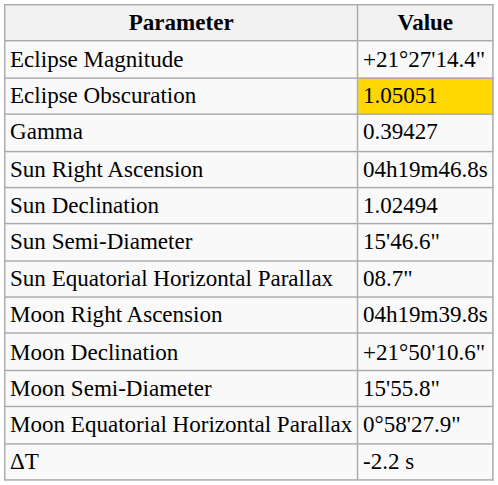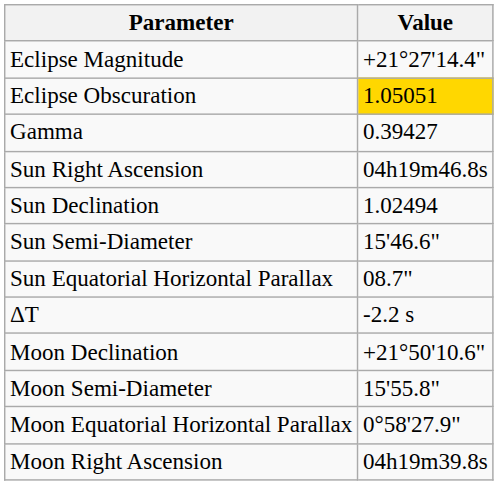 <table class="wikitable">
 <tr>
 <th>Parameter</th>
 <th>Value</th>
 </tr>
 <tr>
 <td>Eclipse Magnitude</td>
 <td>+21°27'14.4"</td>
 </tr>
 <tr>
 <td>Eclipse Obscuration</td>
 <td style="background: gold;">1.05051</td>
 </tr>
 <tr>
 <td>Gamma</td>
 <td>0.39427</td>
 </tr>
 <tr>
 <td>Sun Right Ascension</td>
 <td>04h19m46.8s</td>
 </tr>
 <tr>
 <td>Sun Declination</td>
 <td>1.02494</td>
 </tr>
 <tr>
 <td>Sun Semi-Diameter</td>
 <td>15'46.6"</td>
 </tr>
 <tr>
 <td>Sun Equatorial Horizontal Parallax</td>
 <td>08.7"</td>
 </tr>
 <tr>
-<td>Moon Right Ascension</td>
-<td>04h19m39.8s</td>
+<td>ΔT</td>
+<td>-2.2 s</td>
 </tr>
 <tr>
 <td>Moon Declination</td>
 <td>+21°50'10.6"</td>
 </tr>
 <tr>
 <td>Moon Semi-Diameter</td>
 <td>15'55.8"</td>
 </tr>
 <tr>
 <td>Moon Equatorial Horizontal Parallax</td>
 <td>0°58'27.9"</td>
 </tr>
 <tr>
-<td>ΔT</td>
-<td>-2.2 s</td>
+<td>Moon Right Ascension</td>
+<td>04h19m39.8s</td>
 </tr>
 </table>
